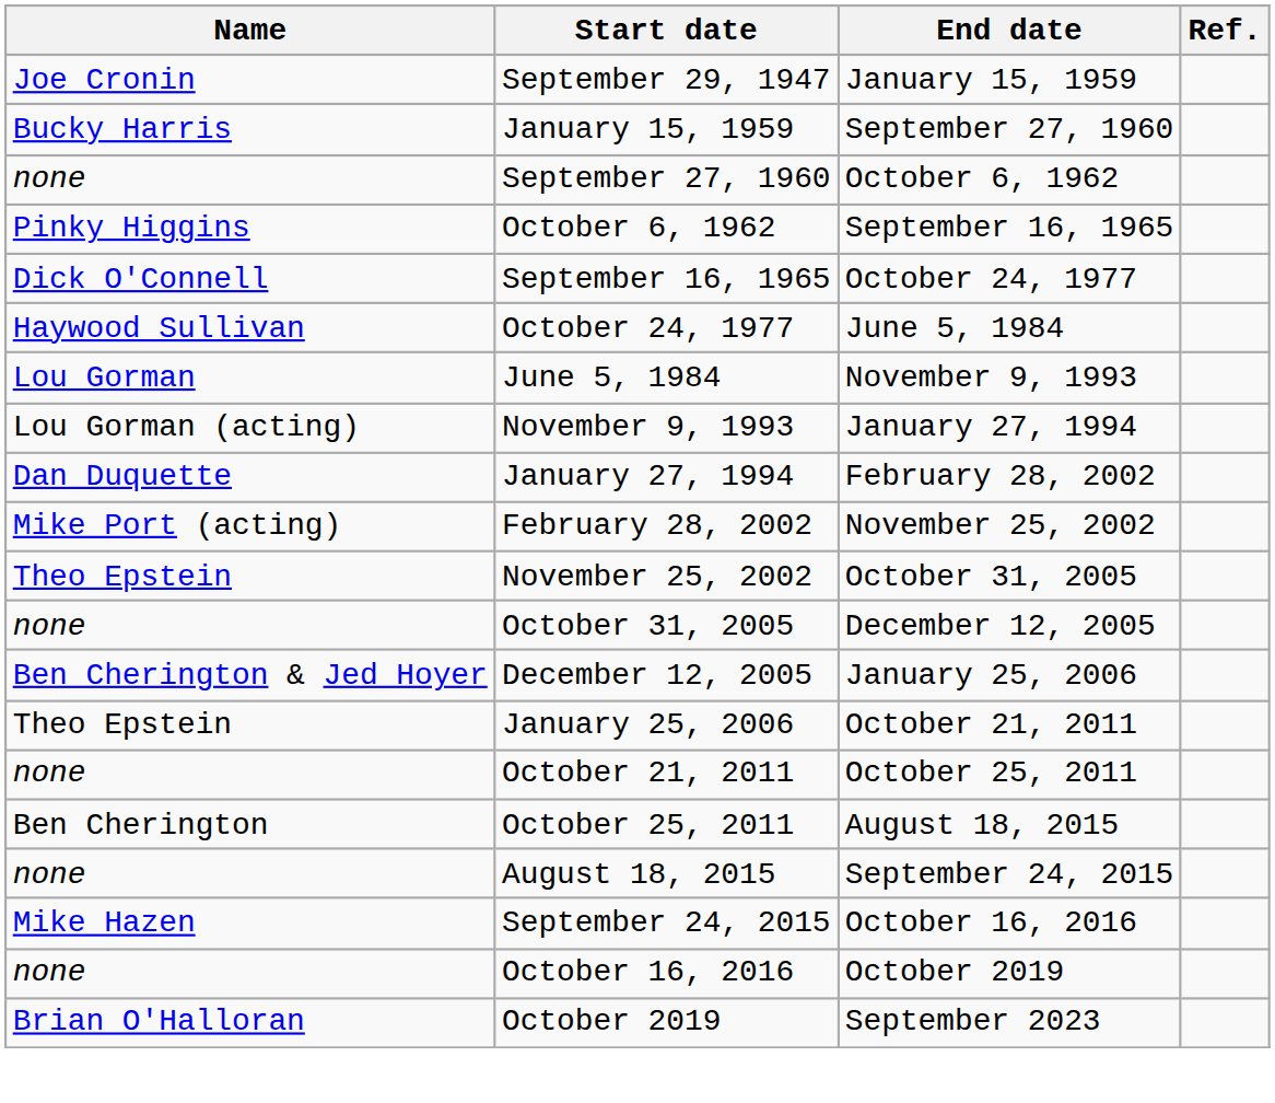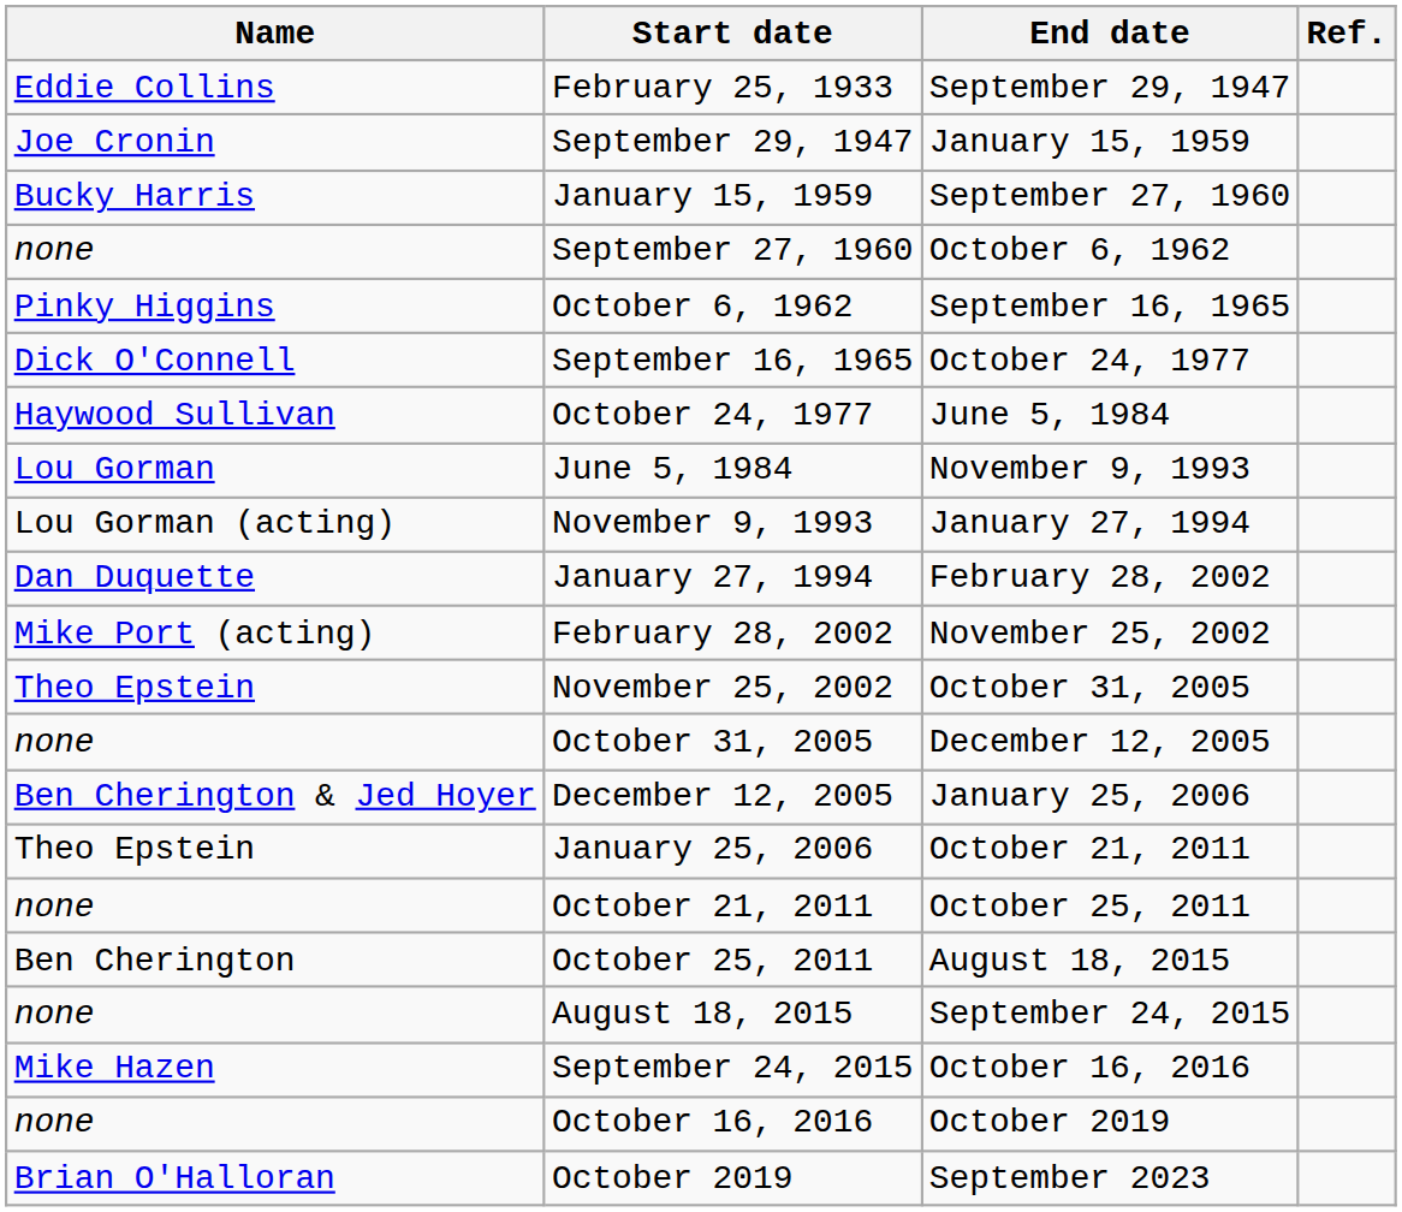 <table class="wikitable">
 <tr>
 <th>Name</th>
 <th>Start date</th>
 <th>End date</th>
 <th>Ref.</th>
+</tr>
+<tr>
+<td><a href='#'>Eddie Collins</a></td>
+<td>February 25, 1933</td>
+<td>September 29, 1947</td>
+<td></td>
 </tr>
 <tr>
 <td><a href='#'>Joe Cronin</a></td>
 <td>September 29, 1947</td>
 <td>January 15, 1959</td>
 <td></td>
 </tr>
 <tr>
 <td><a href='#'>Bucky Harris</a></td>
 <td>January 15, 1959</td>
 <td>September 27, 1960</td>
 <td></td>
 </tr>
 <tr>
 <td><em>none</em></td>
 <td>September 27, 1960</td>
 <td>October 6, 1962</td>
 <td></td>
 </tr>
 <tr>
 <td><a href='#'>Pinky Higgins</a></td>
 <td>October 6, 1962</td>
 <td>September 16, 1965</td>
 <td></td>
 </tr>
 <tr>
 <td><a href='#'>Dick O'Connell</a></td>
 <td>September 16, 1965</td>
 <td>October 24, 1977</td>
 <td></td>
 </tr>
 <tr>
 <td><a href='#'>Haywood Sullivan</a></td>
 <td>October 24, 1977</td>
 <td>June 5, 1984</td>
 <td></td>
 </tr>
 <tr>
 <td><a href='#'>Lou Gorman</a></td>
 <td>June 5, 1984</td>
 <td>November 9, 1993</td>
 <td></td>
 </tr>
 <tr>
 <td>Lou Gorman (acting)</td>
 <td>November 9, 1993</td>
 <td>January 27, 1994</td>
 <td></td>
 </tr>
 <tr>
 <td><a href='#'>Dan Duquette</a></td>
 <td>January 27, 1994</td>
 <td>February 28, 2002</td>
 <td></td>
 </tr>
 <tr>
 <td><a href='#'>Mike Port</a> (acting)</td>
 <td>February 28, 2002</td>
 <td>November 25, 2002</td>
 <td></td>
 </tr>
 <tr>
 <td><a href='#'>Theo Epstein</a></td>
 <td>November 25, 2002</td>
 <td>October 31, 2005</td>
 <td></td>
 </tr>
 <tr>
 <td><em>none</em></td>
 <td>October 31, 2005</td>
 <td>December 12, 2005</td>
 <td></td>
 </tr>
 <tr>
 <td><a href='#'>Ben Cherington</a> & <a href='#'>Jed Hoyer</a></td>
 <td>December 12, 2005</td>
 <td>January 25, 2006</td>
 <td></td>
 </tr>
 <tr>
 <td>Theo Epstein</td>
 <td>January 25, 2006</td>
 <td>October 21, 2011</td>
 <td></td>
 </tr>
 <tr>
 <td><em>none</em></td>
 <td>October 21, 2011</td>
 <td>October 25, 2011</td>
 <td></td>
 </tr>
 <tr>
 <td>Ben Cherington</td>
 <td>October 25, 2011</td>
 <td>August 18, 2015</td>
 <td></td>
 </tr>
 <tr>
 <td><em>none</em></td>
 <td>August 18, 2015</td>
 <td>September 24, 2015</td>
 <td></td>
 </tr>
 <tr>
 <td><a href='#'>Mike Hazen</a></td>
 <td>September 24, 2015</td>
 <td>October 16, 2016</td>
 <td></td>
 </tr>
 <tr>
 <td><em>none</em></td>
 <td>October 16, 2016</td>
 <td>October 2019</td>
 <td></td>
 </tr>
 <tr>
 <td><a href='#'>Brian O'Halloran</a></td>
 <td>October 2019</td>
 <td>September 2023</td>
 <td></td>
 </tr>
 </table>
